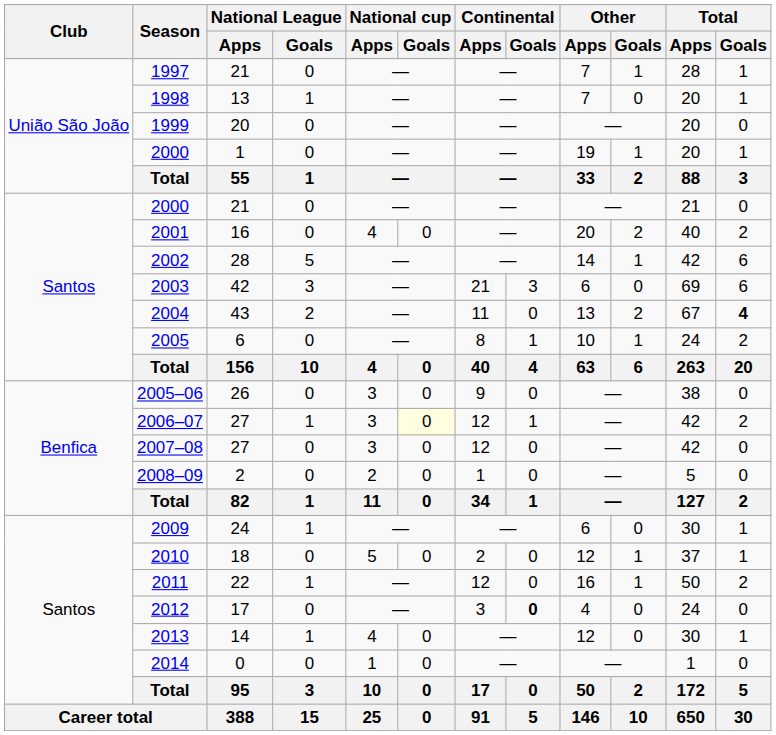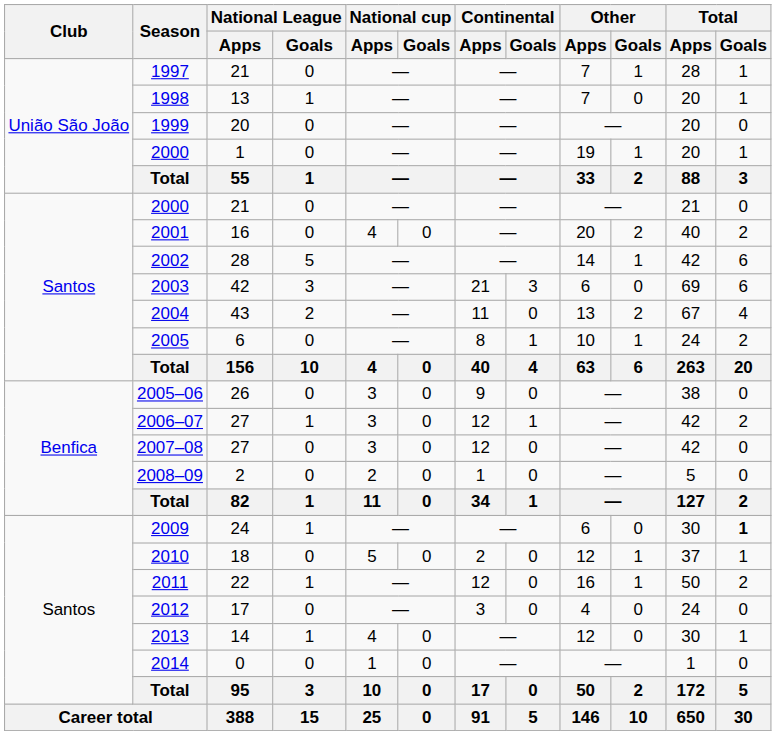 <table class="wikitable" style="text-align:center">
 <tr>
 <th rowspan="2">Club</th>
 <th rowspan="2">Season</th>
 <th colspan="2">National League</th>
 <th colspan="2">National cup</th>
 <th colspan="2">Continental</th>
 <th colspan="2">Other</th>
 <th colspan="2">Total</th>
 </tr>
 <tr>
 <th>Apps</th>
 <th>Goals</th>
 <th>Apps</th>
 <th>Goals</th>
 <th>Apps</th>
 <th>Goals</th>
 <th>Apps</th>
 <th>Goals</th>
 <th>Apps</th>
 <th>Goals</th>
 </tr>
 <tr>
 <td rowspan="5"><a href='#'>União São João</a></td>
 <td><a href='#'>1997</a></td>
 <td>21</td>
 <td>0</td>
 <td colspan="2">—</td>
 <td colspan="2">—</td>
 <td>7</td>
 <td>1</td>
 <td>28</td>
 <td>1</td>
 </tr>
 <tr>
 <td><a href='#'>1998</a></td>
 <td>13</td>
 <td>1</td>
 <td colspan="2">—</td>
 <td colspan="2">—</td>
 <td>7</td>
 <td>0</td>
 <td>20</td>
 <td>1</td>
 </tr>
 <tr>
 <td><a href='#'>1999</a></td>
 <td>20</td>
 <td>0</td>
 <td colspan="2">—</td>
 <td colspan="2">—</td>
 <td colspan="2">—</td>
 <td>20</td>
 <td>0</td>
 </tr>
 <tr>
 <td><a href='#'>2000</a></td>
 <td>1</td>
 <td>0</td>
 <td colspan="2">—</td>
 <td colspan="2">—</td>
 <td>19</td>
 <td>1</td>
 <td>20</td>
 <td>1</td>
 </tr>
 <tr>
 <th>Total</th>
 <th>55</th>
 <th>1</th>
 <th colspan="2">—</th>
 <th colspan="2">—</th>
 <th>33</th>
 <th>2</th>
 <th>88</th>
 <th>3</th>
 </tr>
 <tr>
 <td rowspan="7"><a href='#'>Santos</a></td>
 <td><a href='#'>2000</a></td>
 <td>21</td>
 <td>0</td>
 <td colspan="2">—</td>
 <td colspan="2">—</td>
 <td colspan="2">—</td>
 <td>21</td>
 <td>0</td>
 </tr>
 <tr>
 <td><a href='#'>2001</a></td>
 <td>16</td>
 <td>0</td>
 <td>4</td>
 <td>0</td>
 <td colspan="2">—</td>
 <td>20</td>
 <td>2</td>
 <td>40</td>
 <td>2</td>
 </tr>
 <tr>
 <td><a href='#'>2002</a></td>
 <td>28</td>
 <td>5</td>
 <td colspan="2">—</td>
 <td colspan="2">—</td>
 <td>14</td>
 <td>1</td>
 <td>42</td>
 <td>6</td>
 </tr>
 <tr>
 <td><a href='#'>2003</a></td>
 <td>42</td>
 <td>3</td>
 <td colspan="2">—</td>
 <td>21</td>
 <td>3</td>
 <td>6</td>
 <td>0</td>
 <td>69</td>
 <td>6</td>
 </tr>
 <tr>
 <td><a href='#'>2004</a></td>
 <td>43</td>
 <td>2</td>
 <td colspan="2">—</td>
 <td>11</td>
 <td>0</td>
 <td>13</td>
 <td>2</td>
 <td>67</td>
-<td><strong>4</strong></td>
+<td>4</td>
 </tr>
 <tr>
 <td><a href='#'>2005</a></td>
 <td>6</td>
 <td>0</td>
 <td colspan="2">—</td>
 <td>8</td>
 <td>1</td>
 <td>10</td>
 <td>1</td>
 <td>24</td>
 <td>2</td>
 </tr>
 <tr>
 <th>Total</th>
 <th>156</th>
 <th>10</th>
 <th>4</th>
 <th>0</th>
 <th>40</th>
 <th>4</th>
 <th>63</th>
 <th>6</th>
 <th>263</th>
 <th>20</th>
 </tr>
 <tr>
 <td rowspan="5"><a href='#'>Benfica</a></td>
 <td><a href='#'>2005–06</a></td>
 <td>26</td>
 <td>0</td>
 <td>3</td>
 <td>0</td>
 <td>9</td>
 <td>0</td>
 <td colspan="2">—</td>
 <td>38</td>
 <td>0</td>
 </tr>
 <tr>
 <td><a href='#'>2006–07</a></td>
 <td>27</td>
 <td>1</td>
 <td>3</td>
-<td style="background: lightyellow;">0</td>
+<td>0</td>
 <td>12</td>
 <td>1</td>
 <td colspan="2">—</td>
 <td>42</td>
 <td>2</td>
 </tr>
 <tr>
 <td><a href='#'>2007–08</a></td>
 <td>27</td>
 <td>0</td>
 <td>3</td>
 <td>0</td>
 <td>12</td>
 <td>0</td>
 <td colspan="2">—</td>
 <td>42</td>
 <td>0</td>
 </tr>
 <tr>
 <td><a href='#'>2008–09</a></td>
 <td>2</td>
 <td>0</td>
 <td>2</td>
 <td>0</td>
 <td>1</td>
 <td>0</td>
 <td colspan="2">—</td>
 <td>5</td>
 <td>0</td>
 </tr>
 <tr>
 <th>Total</th>
 <th>82</th>
 <th>1</th>
 <th>11</th>
 <th>0</th>
 <th>34</th>
 <th>1</th>
 <th colspan="2">—</th>
 <th>127</th>
 <th>2</th>
 </tr>
 <tr>
 <td rowspan="7">Santos</td>
 <td><a href='#'>2009</a></td>
 <td>24</td>
 <td>1</td>
 <td colspan="2">—</td>
 <td colspan="2">—</td>
 <td>6</td>
 <td>0</td>
 <td>30</td>
-<td>1</td>
+<td><strong>1</strong></td>
 </tr>
 <tr>
 <td><a href='#'>2010</a></td>
 <td>18</td>
 <td>0</td>
 <td>5</td>
 <td>0</td>
 <td>2</td>
 <td>0</td>
 <td>12</td>
 <td>1</td>
 <td>37</td>
 <td>1</td>
 </tr>
 <tr>
 <td><a href='#'>2011</a></td>
 <td>22</td>
 <td>1</td>
 <td colspan="2">—</td>
 <td>12</td>
 <td>0</td>
 <td>16</td>
 <td>1</td>
 <td>50</td>
 <td>2</td>
 </tr>
 <tr>
 <td><a href='#'>2012</a></td>
 <td>17</td>
 <td>0</td>
 <td colspan="2">—</td>
 <td>3</td>
-<td><strong>0</strong></td>
+<td>0</td>
 <td>4</td>
 <td>0</td>
 <td>24</td>
 <td>0</td>
 </tr>
 <tr>
 <td><a href='#'>2013</a></td>
 <td>14</td>
 <td>1</td>
 <td>4</td>
 <td>0</td>
 <td colspan="2">—</td>
 <td>12</td>
 <td>0</td>
 <td>30</td>
 <td>1</td>
 </tr>
 <tr>
 <td><a href='#'>2014</a></td>
 <td>0</td>
 <td>0</td>
 <td>1</td>
 <td>0</td>
 <td colspan="2">—</td>
 <td colspan="2">—</td>
 <td>1</td>
 <td>0</td>
 </tr>
 <tr>
 <th>Total</th>
 <th>95</th>
 <th>3</th>
 <th>10</th>
 <th>0</th>
 <th>17</th>
 <th>0</th>
 <th>50</th>
 <th>2</th>
 <th>172</th>
 <th>5</th>
 </tr>
 <tr>
 <th colspan="2">Career total</th>
 <th>388</th>
 <th>15</th>
 <th>25</th>
 <th>0</th>
 <th>91</th>
 <th>5</th>
 <th>146</th>
 <th>10</th>
 <th>650</th>
 <th>30</th>
 </tr>
 </table>
